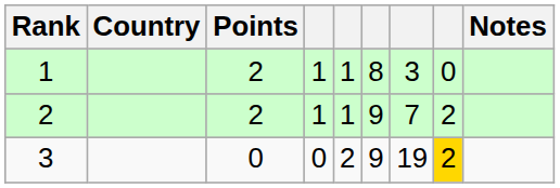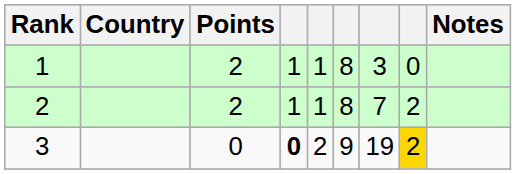 <table class="wikitable sortable" style="text-align: center;">
 <tr>
 <th>Rank</th>
 <th>Country</th>
 <th>Points</th>
 <th></th>
 <th></th>
 <th></th>
 <th></th>
 <th></th>
 <th>Notes</th>
 </tr>
 <tr style="background:#cfc;">
 <td>1</td>
 <td align=left></td>
 <td>2</td>
 <td>1</td>
 <td>1</td>
 <td>8</td>
 <td>3</td>
 <td>0</td>
 <td></td>
 </tr>
 <tr style="background:#cfc;">
 <td>2</td>
 <td align=left></td>
 <td>2</td>
 <td>1</td>
 <td>1</td>
-<td>9</td>
+<td>8</td>
 <td>7</td>
 <td>2</td>
 <td></td>
 </tr>
 <tr>
 <td>3</td>
 <td align=left></td>
 <td>0</td>
-<td>0</td>
+<td><strong>0</strong></td>
 <td>2</td>
 <td>9</td>
 <td>19</td>
 <td style="background: gold;">2</td>
 <td></td>
 </tr>
 </table>
